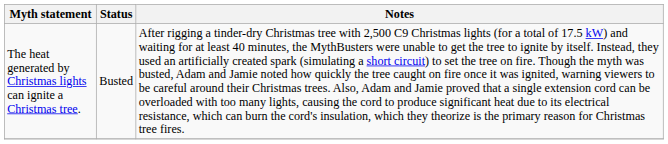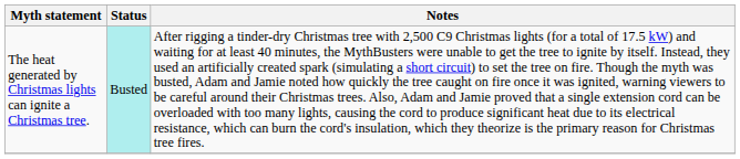 <table class="wikitable plainrowheaders">
 <tr>
 <th>Myth statement</th>
 <th>Status</th>
 <th>Notes</th>
 </tr>
 <tr>
 <td>The heat generated by <a href='#'>Christmas lights</a> can ignite a <a href='#'>Christmas tree</a>.</td>
-<td><span>Busted</span></td>
+<td style="background: paleturquoise;"><span>Busted</span></td>
 <td>After rigging a tinder-dry Christmas tree with 2,500 C9 Christmas lights (for a total of 17.5 <a href='#'>kW</a>) and waiting for at least 40 minutes, the MythBusters were unable to get the tree to ignite by itself. Instead, they used an artificially created spark (simulating a <a href='#'>short circuit</a>) to set the tree on fire. Though the myth was busted, Adam and Jamie noted how quickly the tree caught on fire once it was ignited, warning viewers to be careful around their Christmas trees. Also, Adam and Jamie proved that a single extension cord can be overloaded with too many lights, causing the cord to produce significant heat due to its electrical resistance, which can burn the cord's insulation, which they theorize is the primary reason for Christmas tree fires.</td>
 </tr>
 <tr>
 </tr>
 </table>
